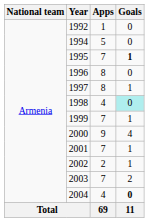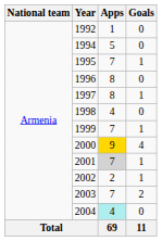 <table class="wikitable" style="text-align:center">
 <tr>
 <th>National team</th>
 <th>Year</th>
 <th>Apps</th>
 <th>Goals</th>
 </tr>
 <tr>
 <td rowspan="12"><a href='#'>Armenia</a></td>
 <td>1992</td>
 <td>1</td>
 <td>0</td>
 </tr>
 <tr>
 <td>1994</td>
 <td>5</td>
 <td>0</td>
 </tr>
 <tr>
 <td>1995</td>
 <td>7</td>
-<td><strong>1</strong></td>
+<td>1</td>
 </tr>
 <tr>
 <td>1996</td>
 <td>8</td>
 <td>0</td>
 </tr>
 <tr>
 <td>1997</td>
 <td>8</td>
 <td>1</td>
 </tr>
 <tr>
 <td>1998</td>
 <td>4</td>
-<td style="background: paleturquoise;">0</td>
+<td>0</td>
 </tr>
 <tr>
 <td>1999</td>
 <td>7</td>
 <td>1</td>
 </tr>
 <tr>
 <td>2000</td>
-<td>9</td>
+<td style="background: gold;">9</td>
 <td>4</td>
 </tr>
 <tr>
 <td>2001</td>
-<td>7</td>
+<td style="background: lightgrey;">7</td>
 <td>1</td>
 </tr>
 <tr>
 <td>2002</td>
 <td>2</td>
 <td>1</td>
 </tr>
 <tr>
 <td>2003</td>
 <td>7</td>
 <td>2</td>
 </tr>
 <tr>
 <td>2004</td>
-<td>4</td>
-<td><strong>0</strong></td>
+<td style="background: paleturquoise;">4</td>
+<td>0</td>
 </tr>
 <tr>
 <th colspan="2">Total</th>
 <th>69</th>
 <th>11</th>
 </tr>
 </table>
